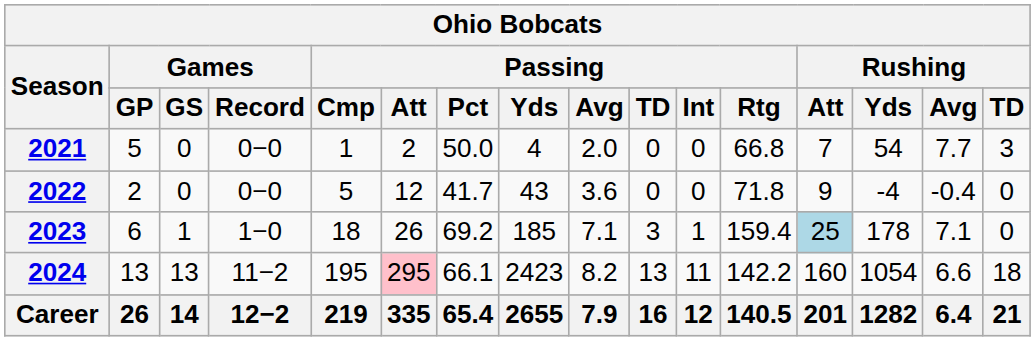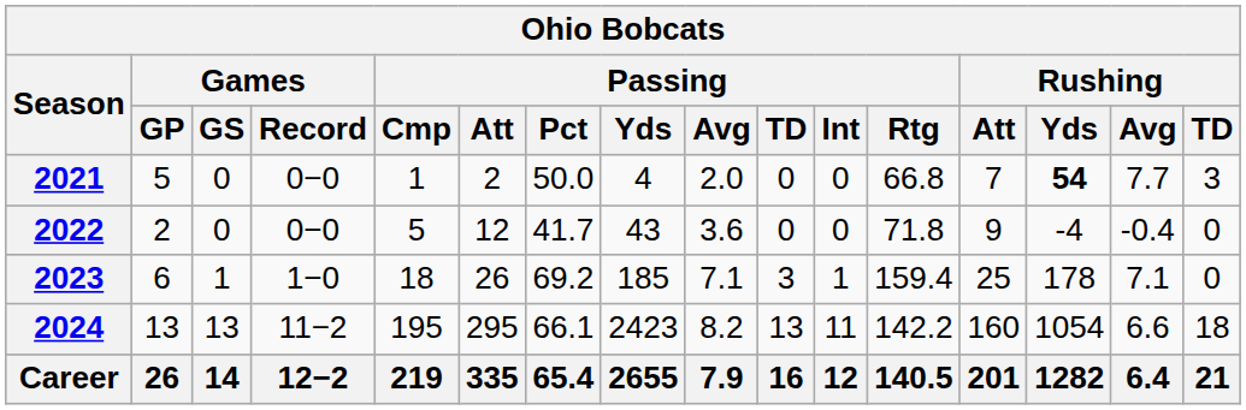 <table class="wikitable" style="text-align:center;">
 <tr>
 <th colspan="16">Ohio Bobcats</th>
 </tr>
 <tr>
 <th rowspan="2">Season</th>
 <th colspan="3">Games</th>
 <th colspan="8">Passing</th>
 <th colspan="5">Rushing</th>
 </tr>
 <tr>
 <th>GP</th>
 <th>GS</th>
 <th>Record</th>
 <th>Cmp</th>
 <th>Att</th>
 <th>Pct</th>
 <th>Yds</th>
 <th>Avg</th>
 <th>TD</th>
 <th>Int</th>
 <th>Rtg</th>
 <th>Att</th>
 <th>Yds</th>
 <th>Avg</th>
 <th>TD</th>
 </tr>
 <tr>
 <th><a href='#'>2021</a></th>
 <td>5</td>
 <td>0</td>
 <td>0−0</td>
 <td>1</td>
 <td>2</td>
 <td>50.0</td>
 <td>4</td>
 <td>2.0</td>
 <td>0</td>
 <td>0</td>
 <td>66.8</td>
 <td>7</td>
-<td>54</td>
+<td><strong>54</strong></td>
 <td>7.7</td>
 <td>3</td>
 </tr>
 <tr>
 <th><a href='#'>2022</a></th>
 <td>2</td>
 <td>0</td>
 <td>0−0</td>
 <td>5</td>
 <td>12</td>
 <td>41.7</td>
 <td>43</td>
 <td>3.6</td>
 <td>0</td>
 <td>0</td>
 <td>71.8</td>
 <td>9</td>
 <td>-4</td>
 <td>-0.4</td>
 <td>0</td>
 </tr>
 <tr>
 <th><a href='#'>2023</a></th>
 <td>6</td>
 <td>1</td>
 <td>1−0</td>
 <td>18</td>
 <td>26</td>
 <td>69.2</td>
 <td>185</td>
 <td>7.1</td>
 <td>3</td>
 <td>1</td>
 <td>159.4</td>
-<td style="background: lightblue;">25</td>
+<td>25</td>
 <td>178</td>
 <td>7.1</td>
 <td>0</td>
 </tr>
 <tr>
 <th><a href='#'>2024</a></th>
 <td>13</td>
 <td>13</td>
 <td>11−2</td>
 <td>195</td>
-<td style="background: pink;">295</td>
+<td>295</td>
 <td>66.1</td>
 <td>2423</td>
 <td>8.2</td>
 <td>13</td>
 <td>11</td>
 <td>142.2</td>
 <td>160</td>
 <td>1054</td>
 <td>6.6</td>
 <td>18</td>
 </tr>
 <tr>
 <th>Career</th>
 <th>26</th>
 <th>14</th>
 <th>12−2</th>
 <th>219</th>
 <th>335</th>
 <th>65.4</th>
 <th>2655</th>
 <th>7.9</th>
 <th>16</th>
 <th>12</th>
 <th>140.5</th>
 <th>201</th>
 <th>1282</th>
 <th>6.4</th>
 <th>21</th>
 </tr>
 </table>
